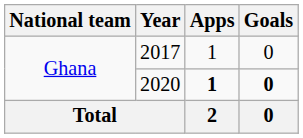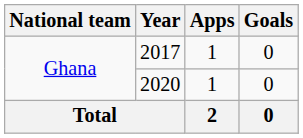 <table class="wikitable" style=text-align:center>
 <tr>
 <th>National team</th>
 <th>Year</th>
 <th>Apps</th>
 <th>Goals</th>
 </tr>
 <tr>
 <td rowspan=2><a href='#'>Ghana</a></td>
 <td>2017</td>
 <td>1</td>
 <td>0</td>
 </tr>
 <tr>
 <td>2020</td>
-<td><strong>1</strong></td>
-<td><strong>0</strong></td>
+<td>1</td>
+<td>0</td>
 </tr>
 <tr>
 <th colspan=2>Total</th>
 <th>2</th>
 <th>0</th>
 </tr>
 </table>
